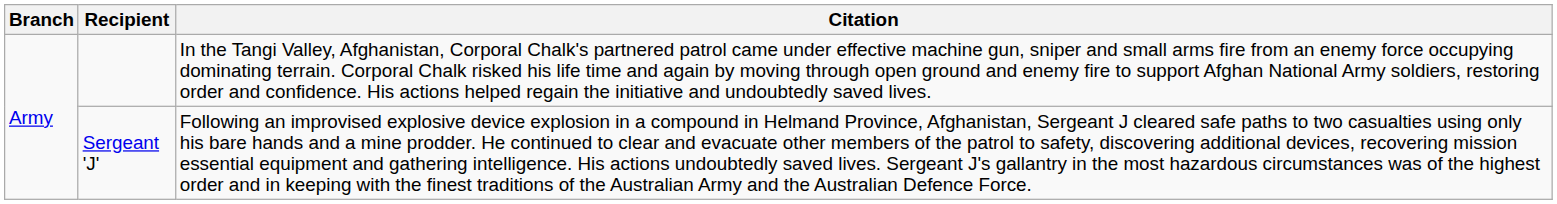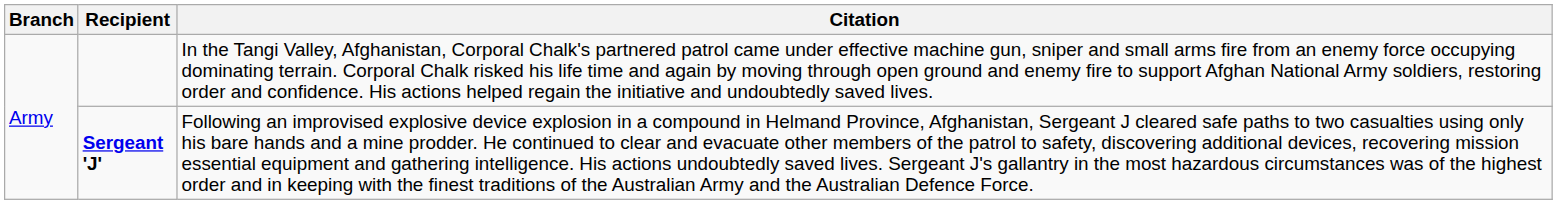 <table class="wikitable" style="font-size:95%;">
 <tr>
 <th>Branch</th>
 <th>Recipient</th>
 <th>Citation</th>
 </tr>
 <tr>
 <td rowspan="2"><a href='#'>Army</a></td>
 <td></td>
 <td>In the Tangi Valley, Afghanistan, Corporal Chalk's partnered patrol came under effective machine gun, sniper and small arms fire from an enemy force occupying dominating terrain. Corporal Chalk risked his life time and again by moving through open ground and enemy fire to support Afghan National Army soldiers, restoring order and confidence. His actions helped regain the initiative and undoubtedly saved lives.</td>
 </tr>
 <tr>
-<td><a href='#'>Sergeant</a> 'J' </td>
+<td><strong><a href='#'>Sergeant</a> 'J' </strong></td>
 <td>Following an improvised explosive device explosion in a compound in Helmand Province, Afghanistan, Sergeant J cleared safe paths to two casualties using only his bare hands and a mine prodder. He continued to clear and evacuate other members of the patrol to safety, discovering additional devices, recovering mission essential equipment and gathering intelligence. His actions undoubtedly saved lives. Sergeant J's gallantry in the most hazardous circumstances was of the highest order and in keeping with the finest traditions of the Australian Army and the Australian Defence Force.</td>
 </tr>
 </table>
